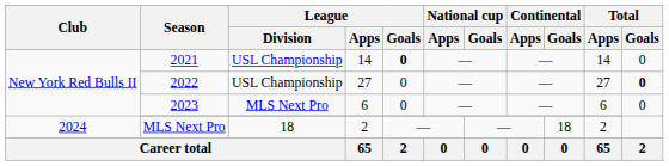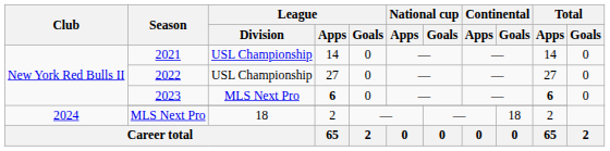 <table class=wikitable style=text-align:center>
 <tr>
 <th rowspan=2>Club</th>
 <th rowspan=2>Season</th>
 <th colspan=3>League</th>
 <th colspan=2>National cup</th>
 <th colspan=2>Continental</th>
 <th colspan=2>Total</th>
 </tr>
 <tr>
 <th>Division</th>
 <th>Apps</th>
 <th>Goals</th>
 <th>Apps</th>
 <th>Goals</th>
 <th>Apps</th>
 <th>Goals</th>
 <th>Apps</th>
 <th>Goals</th>
 </tr>
 <tr>
 <td rowspan=4><a href='#'>New York Red Bulls II</a></td>
 <td><a href='#'>2021</a></td>
 <td><a href='#'>USL Championship</a></td>
 <td>14</td>
-<td><strong>0</strong></td>
+<td>0</td>
 <td colspan=2>—</td>
 <td colspan=2>—</td>
 <td>14</td>
 <td>0</td>
 </tr>
 <tr>
 <td><a href='#'>2022</a></td>
 <td>USL Championship</td>
 <td>27</td>
 <td>0</td>
 <td colspan=2>—</td>
 <td colspan=2>—</td>
 <td>27</td>
-<td><strong>0</strong></td>
+<td>0</td>
 </tr>
 <tr>
 <td><a href='#'>2023</a></td>
 <td><a href='#'>MLS Next Pro</a></td>
-<td>6</td>
+<td><strong>6</strong></td>
 <td>0</td>
 <td colspan=2>—</td>
 <td colspan=2>—</td>
-<td>6</td>
+<td><strong>6</strong></td>
 <td>0</td>
 </tr>
 <tr>
 </tr>
 <tr>
 <td><a href='#'>2024</a></td>
 <td><a href='#'>MLS Next Pro</a></td>
 <td>18</td>
 <td>2</td>
 <td colspan=2>—</td>
 <td colspan=2>—</td>
 <td>18</td>
 <td>2</td>
 </tr>
 <tr>
 <th colspan=3>Career total</th>
 <th>65</th>
 <th>2</th>
 <th>0</th>
 <th>0</th>
 <th>0</th>
 <th>0</th>
 <th>65</th>
 <th>2</th>
 </tr>
 </table>
